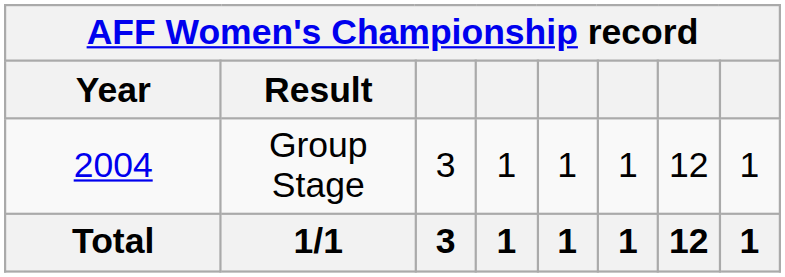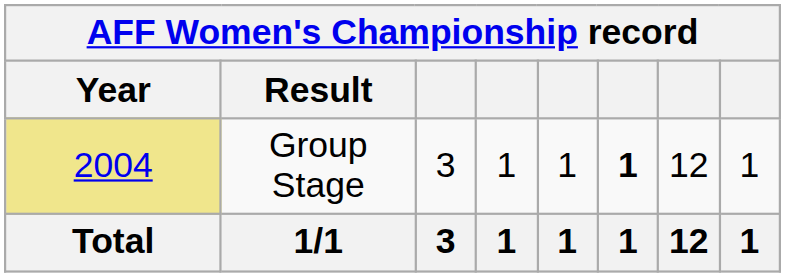 <table class="wikitable" style="text-align: center;">
 <tr>
 <th colspan=9><a href='#'>AFF Women's Championship</a> record</th>
 </tr>
 <tr>
 <th width="90">Year</th>
 <th width="80">Result</th>
 <th width="20"></th>
 <th width="20"></th>
 <th width="20"></th>
 <th width="20"></th>
 <th width="20"></th>
 <th width="20"></th>
 </tr>
 <tr>
-<td> <a href='#'>2004</a></td>
+<td style="background: khaki;"> <a href='#'>2004</a></td>
 <td>Group Stage</td>
 <td>3</td>
 <td>1</td>
 <td>1</td>
-<td>1</td>
+<td><strong>1</strong></td>
 <td>12</td>
 <td>1</td>
 </tr>
 <tr>
 <th>Total</th>
 <th>1/1</th>
 <th>3</th>
 <th>1</th>
 <th>1</th>
 <th>1</th>
 <th>12</th>
 <th>1</th>
 </tr>
 </table>
